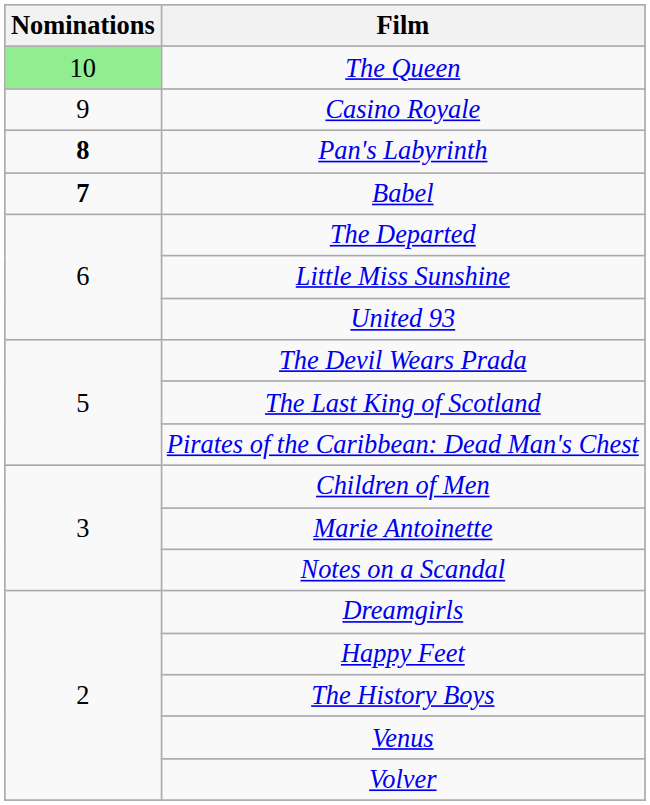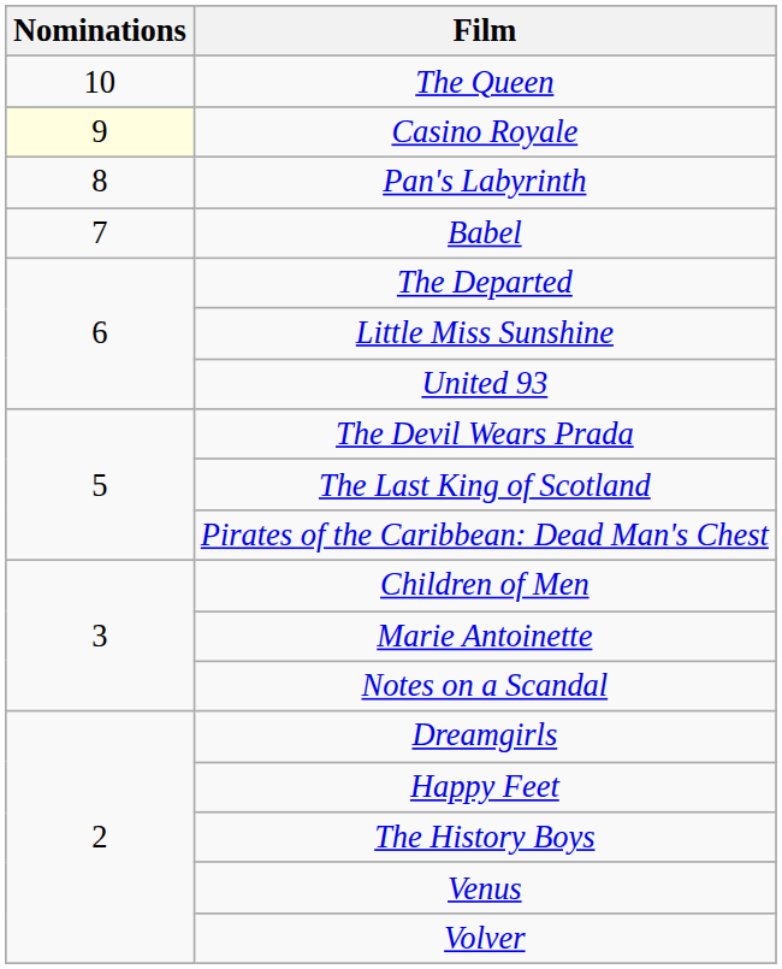 <table class="wikitable" style="text-align:center;">
 <tr>
 <th style="background:">Nominations</th>
 <th style="background:">Film</th>
 </tr>
 <tr>
-<td style="background: lightgreen;">10</td>
+<td>10</td>
 <td><em><a href='#'>The Queen</a></em></td>
 </tr>
 <tr>
-<td>9</td>
+<td style="background: lightyellow;">9</td>
 <td><em><a href='#'>Casino Royale</a></em></td>
 </tr>
 <tr>
-<td><strong>8</strong></td>
+<td>8</td>
 <td><em><a href='#'>Pan's Labyrinth</a></em></td>
 </tr>
 <tr>
-<td><strong>7</strong></td>
+<td>7</td>
 <td><em><a href='#'>Babel</a></em></td>
 </tr>
 <tr>
 <td rowspan="3">6</td>
 <td><em><a href='#'>The Departed</a></em></td>
 </tr>
 <tr>
 <td><em><a href='#'>Little Miss Sunshine</a></em></td>
 </tr>
 <tr>
 <td><em><a href='#'>United 93</a></em></td>
 </tr>
 <tr>
 <td rowspan="3">5</td>
 <td><em><a href='#'>The Devil Wears Prada</a></em></td>
 </tr>
 <tr>
 <td><em><a href='#'>The Last King of Scotland</a></em></td>
 </tr>
 <tr>
 <td><em><a href='#'>Pirates of the Caribbean: Dead Man's Chest</a></em></td>
 </tr>
 <tr>
 <td rowspan="3">3</td>
 <td><em><a href='#'>Children of Men</a></em></td>
 </tr>
 <tr>
 <td><em><a href='#'>Marie Antoinette</a></em></td>
 </tr>
 <tr>
 <td><em><a href='#'>Notes on a Scandal</a></em></td>
 </tr>
 <tr>
 <td rowspan="5">2</td>
 <td><em><a href='#'>Dreamgirls</a></em></td>
 </tr>
 <tr>
 <td><em><a href='#'>Happy Feet</a></em></td>
 </tr>
 <tr>
 <td><em><a href='#'>The History Boys</a></em></td>
 </tr>
 <tr>
 <td><em><a href='#'>Venus</a></em></td>
 </tr>
 <tr>
 <td><em><a href='#'>Volver</a></em></td>
 </tr>
 </table>
